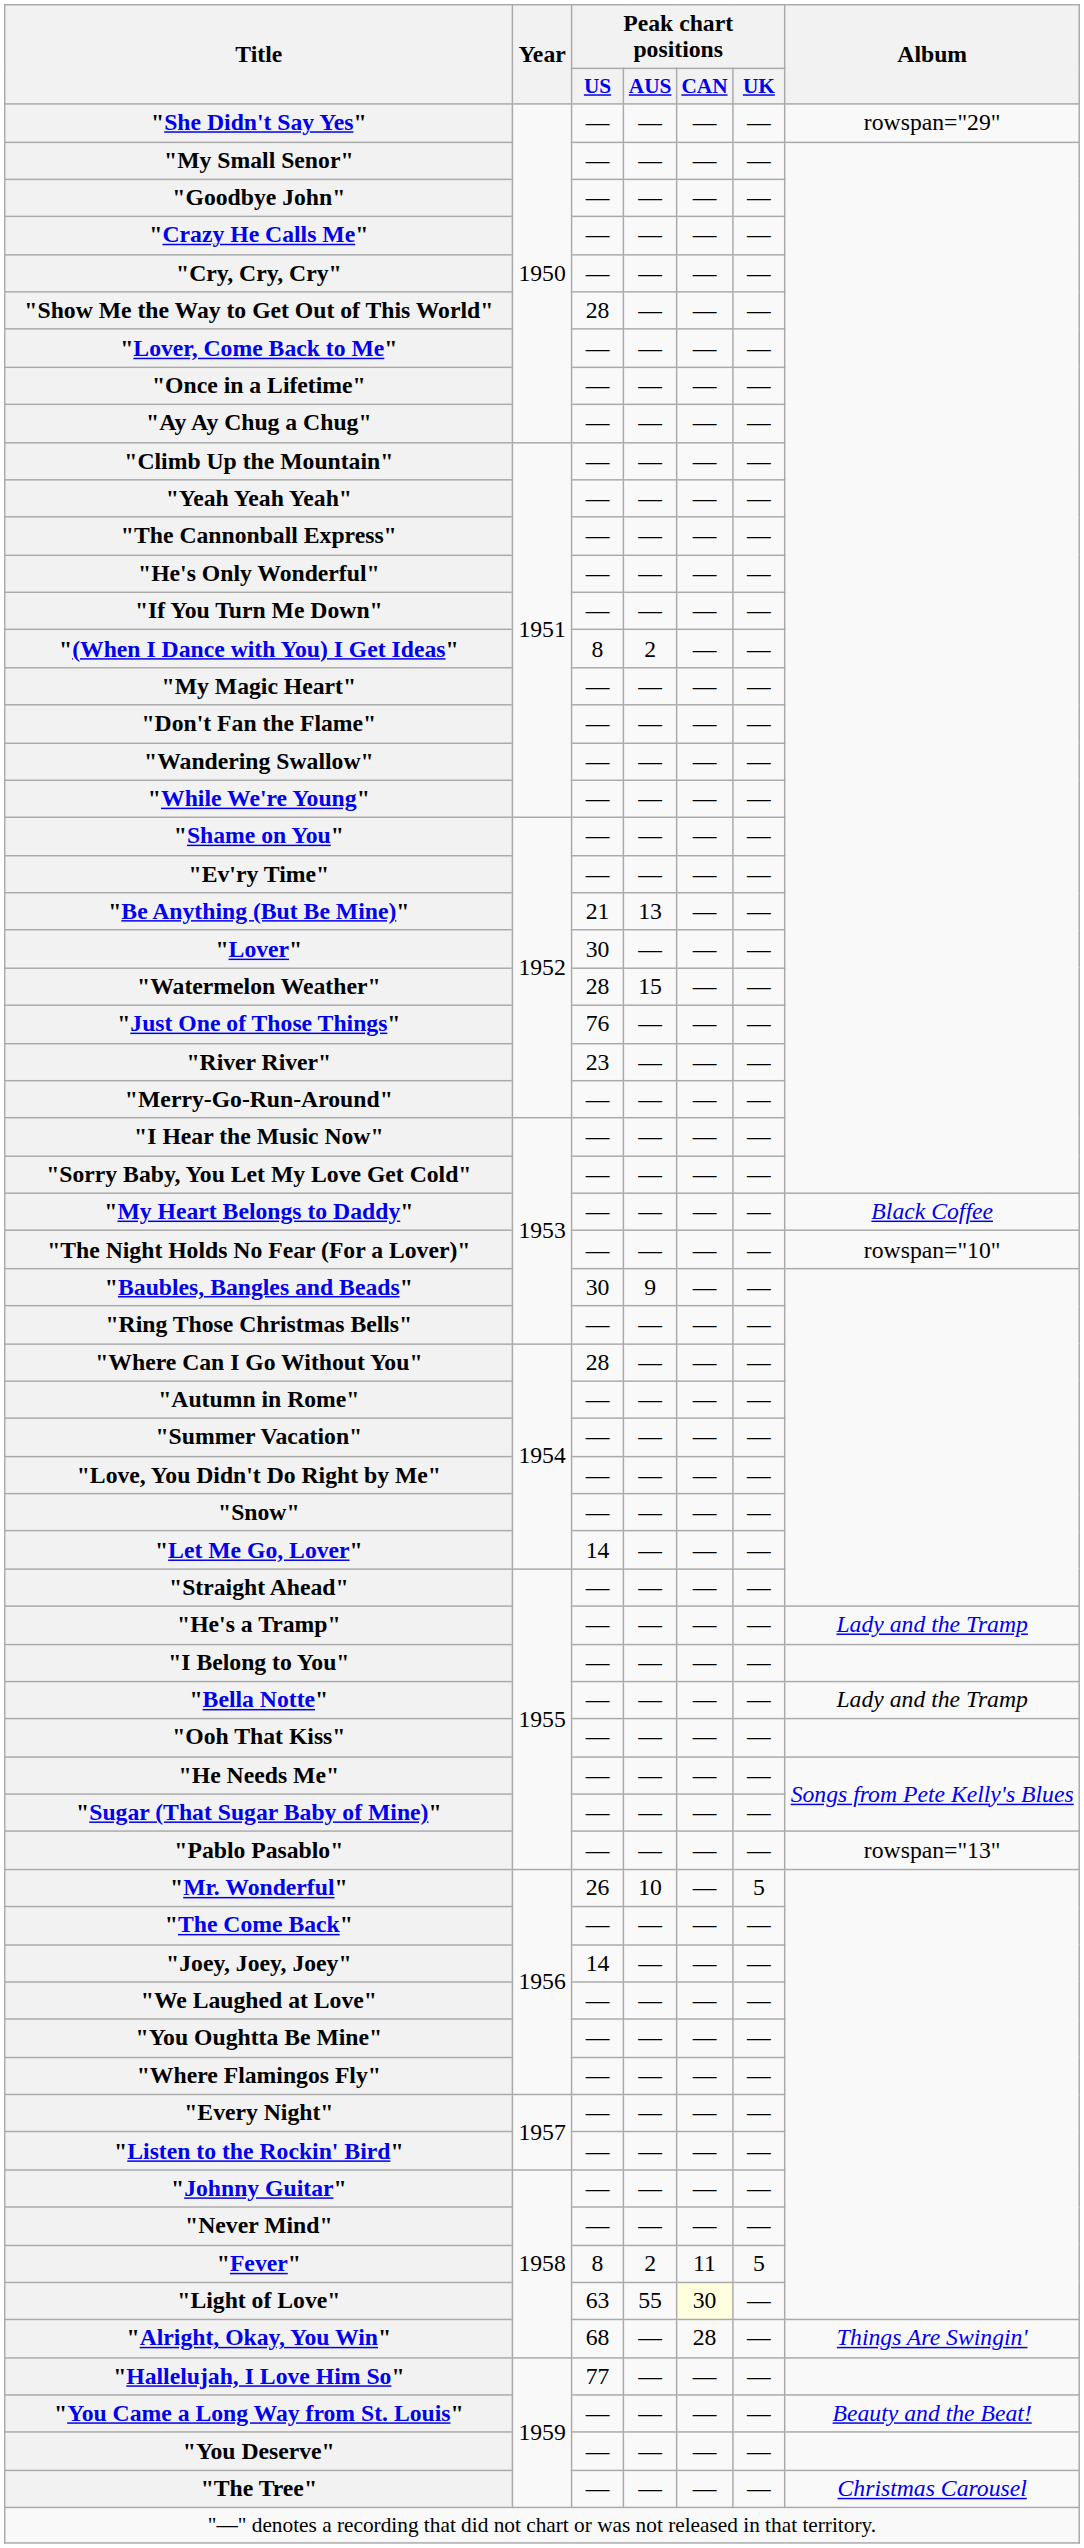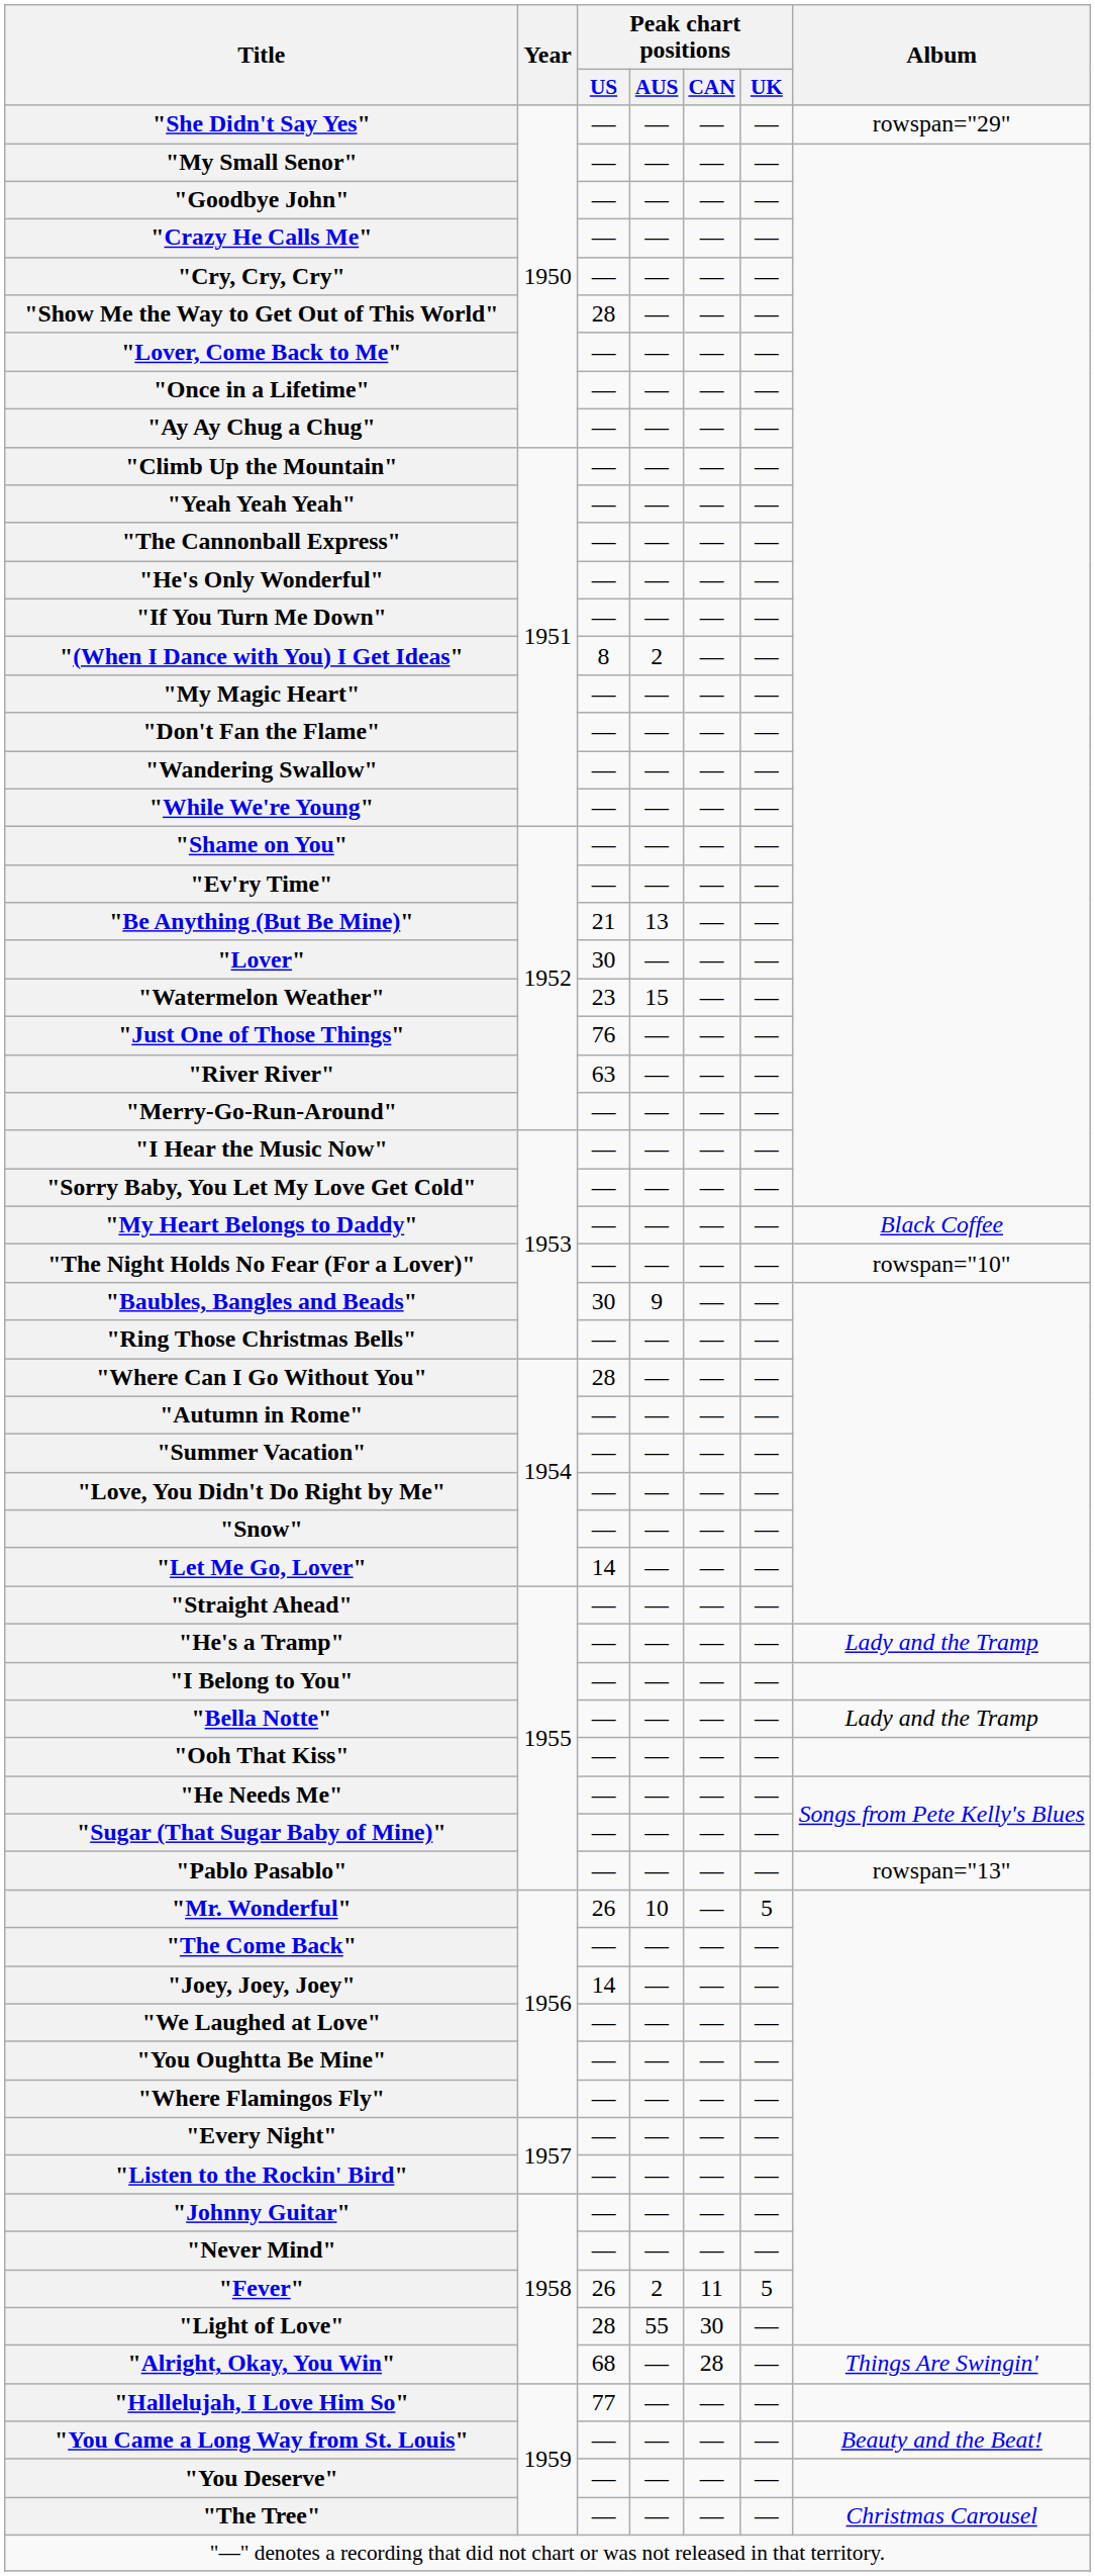 <table class="wikitable plainrowheaders" style="text-align:center;" border="1">
 <tr>
 <th scope="col" rowspan="2" style="width:21em;">Title</th>
 <th scope="col" rowspan="2">Year</th>
 <th scope="col" colspan="4">Peak chart positions</th>
 <th scope="col" rowspan="2">Album</th>
 </tr>
 <tr>
 <th scope="col" style="width:2em;font-size:90%;"><a href='#'>US</a><br></th>
 <th scope="col" style="width:2em;font-size:90%;"><a href='#'>AUS</a><br></th>
 <th scope="col" style="width:2em;font-size:90%;"><a href='#'>CAN</a><br></th>
 <th scope="col" style="width:2em;font-size:90%;"><a href='#'>UK</a><br></th>
 </tr>
 <tr>
 <th scope="row">"<a href='#'>She Didn't Say Yes</a>"</th>
 <td rowspan="9">1950</td>
 <td>—</td>
 <td>—</td>
 <td>—</td>
 <td>—</td>
 <td>rowspan="29" </td>
 </tr>
 <tr>
 <th scope="row">"My Small Senor"</th>
 <td>—</td>
 <td>—</td>
 <td>—</td>
 <td>—</td>
 </tr>
 <tr>
 <th scope="row">"Goodbye John"</th>
 <td>—</td>
 <td>—</td>
 <td>—</td>
 <td>—</td>
 </tr>
 <tr>
 <th scope="row">"<a href='#'>Crazy He Calls Me</a>"</th>
 <td>—</td>
 <td>—</td>
 <td>—</td>
 <td>—</td>
 </tr>
 <tr>
 <th scope="row">"Cry, Cry, Cry"</th>
 <td>—</td>
 <td>—</td>
 <td>—</td>
 <td>—</td>
 </tr>
 <tr>
 <th scope="row">"Show Me the Way to Get Out of This World"</th>
 <td>28</td>
 <td>—</td>
 <td>—</td>
 <td>—</td>
 </tr>
 <tr>
 <th scope="row">"<a href='#'>Lover, Come Back to Me</a>"</th>
 <td>—</td>
 <td>—</td>
 <td>—</td>
 <td>—</td>
 </tr>
 <tr>
 <th scope="row">"Once in a Lifetime"</th>
 <td>—</td>
 <td>—</td>
 <td>—</td>
 <td>—</td>
 </tr>
 <tr>
 <th scope="row">"Ay Ay Chug a Chug"</th>
 <td>—</td>
 <td>—</td>
 <td>—</td>
 <td>—</td>
 </tr>
 <tr>
 <th scope="row">"Climb Up the Mountain"</th>
 <td rowspan="10">1951</td>
 <td>—</td>
 <td>—</td>
 <td>—</td>
 <td>—</td>
 </tr>
 <tr>
 <th scope="row">"Yeah Yeah Yeah"</th>
 <td>—</td>
 <td>—</td>
 <td>—</td>
 <td>—</td>
 </tr>
 <tr>
 <th scope="row">"The Cannonball Express"</th>
 <td>—</td>
 <td>—</td>
 <td>—</td>
 <td>—</td>
 </tr>
 <tr>
 <th scope="row">"He's Only Wonderful"</th>
 <td>—</td>
 <td>—</td>
 <td>—</td>
 <td>—</td>
 </tr>
 <tr>
 <th scope="row">"If You Turn Me Down"</th>
 <td>—</td>
 <td>—</td>
 <td>—</td>
 <td>—</td>
 </tr>
 <tr>
 <th scope="row">"<a href='#'>(When I Dance with You) I Get Ideas</a>"</th>
 <td>8</td>
 <td>2</td>
 <td>—</td>
 <td>—</td>
 </tr>
 <tr>
 <th scope="row">"My Magic Heart"</th>
 <td>—</td>
 <td>—</td>
 <td>—</td>
 <td>—</td>
 </tr>
 <tr>
 <th scope="row">"Don't Fan the Flame"</th>
 <td>—</td>
 <td>—</td>
 <td>—</td>
 <td>—</td>
 </tr>
 <tr>
 <th scope="row">"Wandering Swallow"</th>
 <td>—</td>
 <td>—</td>
 <td>—</td>
 <td>—</td>
 </tr>
 <tr>
 <th scope="row">"<a href='#'>While We're Young</a>"</th>
 <td>—</td>
 <td>—</td>
 <td>—</td>
 <td>—</td>
 </tr>
 <tr>
 <th scope="row">"<a href='#'>Shame on You</a>"</th>
 <td rowspan="8">1952</td>
 <td>—</td>
 <td>—</td>
 <td>—</td>
 <td>—</td>
 </tr>
 <tr>
 <th scope="row">"Ev'ry Time"</th>
 <td>—</td>
 <td>—</td>
 <td>—</td>
 <td>—</td>
 </tr>
 <tr>
 <th scope="row">"<a href='#'>Be Anything (But Be Mine)</a>"<br></th>
 <td>21</td>
 <td>13</td>
 <td>—</td>
 <td>—</td>
 </tr>
 <tr>
 <th scope="row">"<a href='#'>Lover</a>"<br></th>
 <td>30</td>
 <td>—</td>
 <td>—</td>
 <td>—</td>
 </tr>
 <tr>
 <th scope="row">"Watermelon Weather"<br></th>
-<td>28</td>
+<td>23</td>
 <td>15</td>
 <td>—</td>
 <td>—</td>
 </tr>
 <tr>
 <th scope="row">"<a href='#'>Just One of Those Things</a>"<br></th>
 <td>76</td>
 <td>—</td>
 <td>—</td>
 <td>—</td>
 </tr>
 <tr>
 <th scope="row">"River River"<br></th>
-<td>23</td>
+<td>63</td>
 <td>—</td>
 <td>—</td>
 <td>—</td>
 </tr>
 <tr>
 <th scope="row">"Merry-Go-Run-Around"<br></th>
 <td>—</td>
 <td>—</td>
 <td>—</td>
 <td>—</td>
 </tr>
 <tr>
 <th scope="row">"I Hear the Music Now"<br></th>
 <td rowspan="6">1953</td>
 <td>—</td>
 <td>—</td>
 <td>—</td>
 <td>—</td>
 </tr>
 <tr>
 <th scope="row">"Sorry Baby, You Let My Love Get Cold"</th>
 <td>—</td>
 <td>—</td>
 <td>—</td>
 <td>—</td>
 </tr>
 <tr>
 <th scope="row">"<a href='#'>My Heart Belongs to Daddy</a>"</th>
 <td>—</td>
 <td>—</td>
 <td>—</td>
 <td>—</td>
 <td><em><a href='#'>Black Coffee</a></em></td>
 </tr>
 <tr>
 <th scope="row">"The Night Holds No Fear (For a Lover)"</th>
 <td>—</td>
 <td>—</td>
 <td>—</td>
 <td>—</td>
 <td>rowspan="10" </td>
 </tr>
 <tr>
 <th scope="row">"<a href='#'>Baubles, Bangles and Beads</a>"</th>
 <td>30</td>
 <td>9</td>
 <td>—</td>
 <td>—</td>
 </tr>
 <tr>
 <th scope="row">"Ring Those Christmas Bells"</th>
 <td>—</td>
 <td>—</td>
 <td>—</td>
 <td>—</td>
 </tr>
 <tr>
 <th scope="row">"Where Can I Go Without You"</th>
 <td rowspan="6">1954</td>
 <td>28</td>
 <td>—</td>
 <td>—</td>
 <td>—</td>
 </tr>
 <tr>
 <th scope="row">"Autumn in Rome"</th>
 <td>—</td>
 <td>—</td>
 <td>—</td>
 <td>—</td>
 </tr>
 <tr>
 <th scope="row">"Summer Vacation"</th>
 <td>—</td>
 <td>—</td>
 <td>—</td>
 <td>—</td>
 </tr>
 <tr>
 <th scope="row">"Love, You Didn't Do Right by Me"</th>
 <td>—</td>
 <td>—</td>
 <td>—</td>
 <td>—</td>
 </tr>
 <tr>
 <th scope="row">"Snow"<br></th>
 <td>—</td>
 <td>—</td>
 <td>—</td>
 <td>—</td>
 </tr>
 <tr>
 <th scope="row">"<a href='#'>Let Me Go, Lover</a>"</th>
 <td>14</td>
 <td>—</td>
 <td>—</td>
 <td>—</td>
 </tr>
 <tr>
 <th scope="row">"Straight Ahead"</th>
 <td rowspan="8">1955</td>
 <td>—</td>
 <td>—</td>
 <td>—</td>
 <td>—</td>
 </tr>
 <tr>
 <th scope="row">"He's a Tramp"</th>
 <td>—</td>
 <td>—</td>
 <td>—</td>
 <td>—</td>
 <td><em><a href='#'>Lady and the Tramp</a></em></td>
 </tr>
 <tr>
 <th scope="row">"I Belong to You"</th>
 <td>—</td>
 <td>—</td>
 <td>—</td>
 <td>—</td>
 <td></td>
 </tr>
 <tr>
 <th scope="row">"<a href='#'>Bella Notte</a>"</th>
 <td>—</td>
 <td>—</td>
 <td>—</td>
 <td>—</td>
 <td><em>Lady and the Tramp</em></td>
 </tr>
 <tr>
 <th scope="row">"Ooh That Kiss"</th>
 <td>—</td>
 <td>—</td>
 <td>—</td>
 <td>—</td>
 <td></td>
 </tr>
 <tr>
 <th scope="row">"He Needs Me"</th>
 <td>—</td>
 <td>—</td>
 <td>—</td>
 <td>—</td>
 <td rowspan="2"><em><a href='#'>Songs from Pete Kelly's Blues</a></em></td>
 </tr>
 <tr>
 <th scope="row">"<a href='#'>Sugar (That Sugar Baby of Mine)</a>"</th>
 <td>—</td>
 <td>—</td>
 <td>—</td>
 <td>—</td>
 </tr>
 <tr>
 <th scope="row">"Pablo Pasablo"</th>
 <td>—</td>
 <td>—</td>
 <td>—</td>
 <td>—</td>
 <td>rowspan="13" </td>
 </tr>
 <tr>
 <th scope="row">"<a href='#'>Mr. Wonderful</a>"</th>
 <td rowspan="6">1956</td>
 <td>26</td>
 <td>10</td>
 <td>—</td>
 <td>5</td>
 </tr>
 <tr>
 <th scope="row">"<a href='#'>The Come Back</a>"</th>
 <td>—</td>
 <td>—</td>
 <td>—</td>
 <td>—</td>
 </tr>
 <tr>
 <th scope="row">"Joey, Joey, Joey"</th>
 <td>14</td>
 <td>—</td>
 <td>—</td>
 <td>—</td>
 </tr>
 <tr>
 <th scope="row">"We Laughed at Love"</th>
 <td>—</td>
 <td>—</td>
 <td>—</td>
 <td>—</td>
 </tr>
 <tr>
 <th scope="row">"You Oughtta Be Mine"</th>
 <td>—</td>
 <td>—</td>
 <td>—</td>
 <td>—</td>
 </tr>
 <tr>
 <th scope="row">"Where Flamingos Fly"</th>
 <td>—</td>
 <td>—</td>
 <td>—</td>
 <td>—</td>
 </tr>
 <tr>
 <th scope="row">"Every Night"</th>
 <td rowspan="2">1957</td>
 <td>—</td>
 <td>—</td>
 <td>—</td>
 <td>—</td>
 </tr>
 <tr>
 <th scope="row">"<a href='#'>Listen to the Rockin' Bird</a>"</th>
 <td>—</td>
 <td>—</td>
 <td>—</td>
 <td>—</td>
 </tr>
 <tr>
 <th scope="row">"<a href='#'>Johnny Guitar</a>"</th>
 <td rowspan="5">1958</td>
 <td>—</td>
 <td>—</td>
 <td>—</td>
 <td>—</td>
 </tr>
 <tr>
 <th scope="row">"Never Mind"</th>
 <td>—</td>
 <td>—</td>
 <td>—</td>
 <td>—</td>
 </tr>
 <tr>
 <th scope="row">"<a href='#'>Fever</a>"</th>
-<td>8</td>
+<td>26</td>
 <td>2</td>
 <td>11</td>
 <td>5</td>
 </tr>
 <tr>
 <th scope="row">"Light of Love"</th>
-<td>63</td>
+<td>28</td>
 <td>55</td>
-<td style="background: lightyellow;">30</td>
+<td>30</td>
 <td>—</td>
 </tr>
 <tr>
 <th scope="row">"<a href='#'>Alright, Okay, You Win</a>"</th>
 <td>68</td>
 <td>—</td>
 <td>28</td>
 <td>—</td>
 <td><em><a href='#'>Things Are Swingin'</a></em></td>
 </tr>
 <tr>
 <th scope="row">"<a href='#'>Hallelujah, I Love Him So</a>"</th>
 <td rowspan="4">1959</td>
 <td>77</td>
 <td>—</td>
 <td>—</td>
 <td>—</td>
 <td></td>
 </tr>
 <tr>
 <th scope="row">"<a href='#'>You Came a Long Way from St. Louis</a>"<br></th>
 <td>—</td>
 <td>—</td>
 <td>—</td>
 <td>—</td>
 <td><em><a href='#'>Beauty and the Beat!</a></em></td>
 </tr>
 <tr>
 <th scope="row">"You Deserve"</th>
 <td>—</td>
 <td>—</td>
 <td>—</td>
 <td>—</td>
 <td></td>
 </tr>
 <tr>
 <th scope="row">"The Tree"</th>
 <td>—</td>
 <td>—</td>
 <td>—</td>
 <td>—</td>
 <td><em><a href='#'>Christmas Carousel</a></em></td>
 </tr>
 <tr>
 <td colspan="7" style="font-size:90%">"—" denotes a recording that did not chart or was not released in that territory.</td>
 </tr>
 </table>
